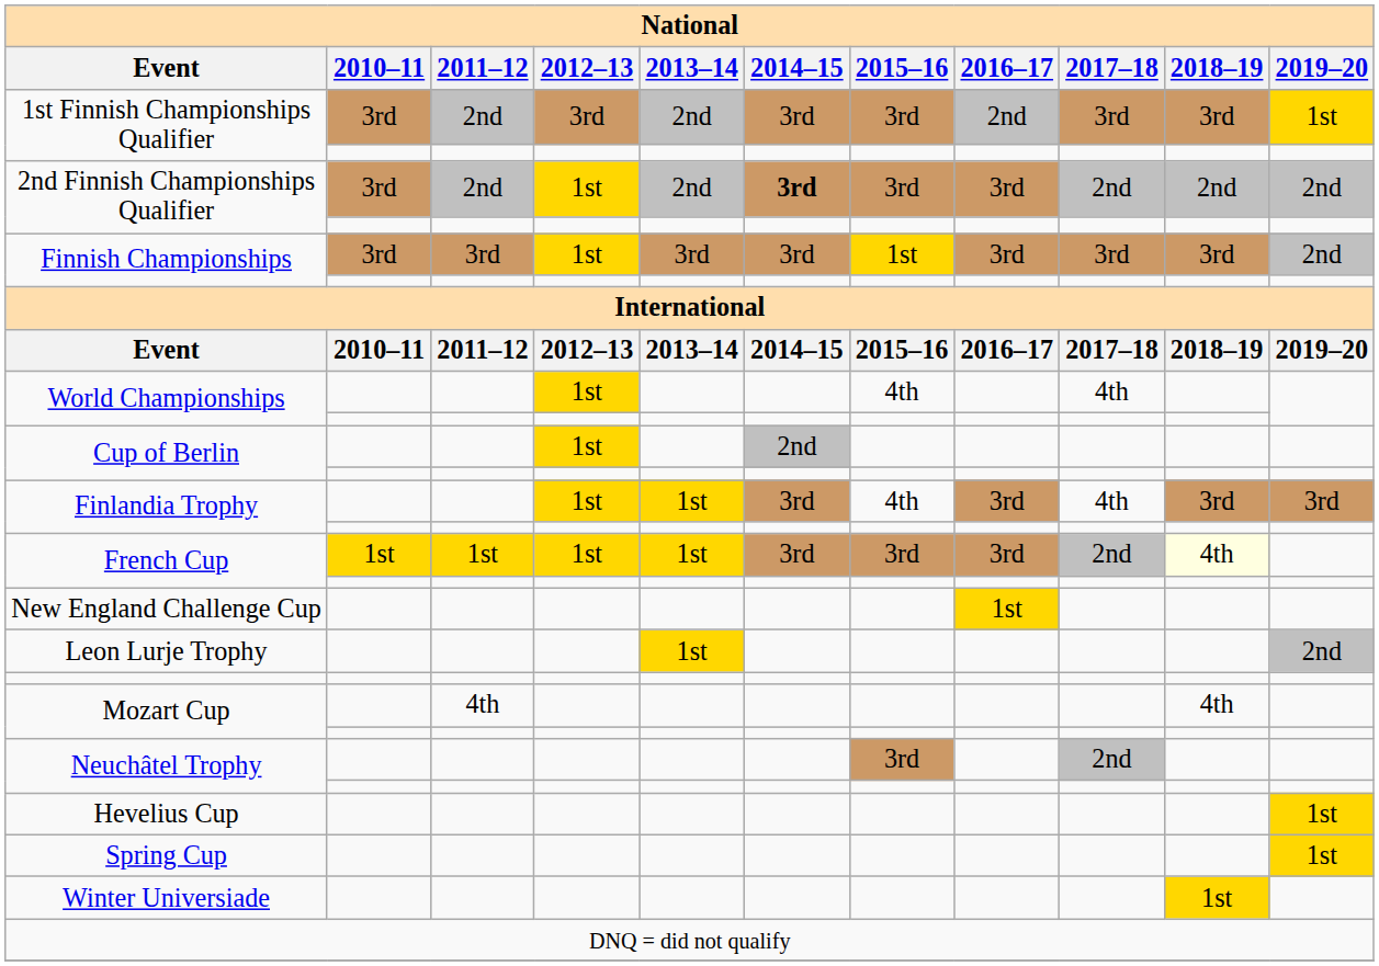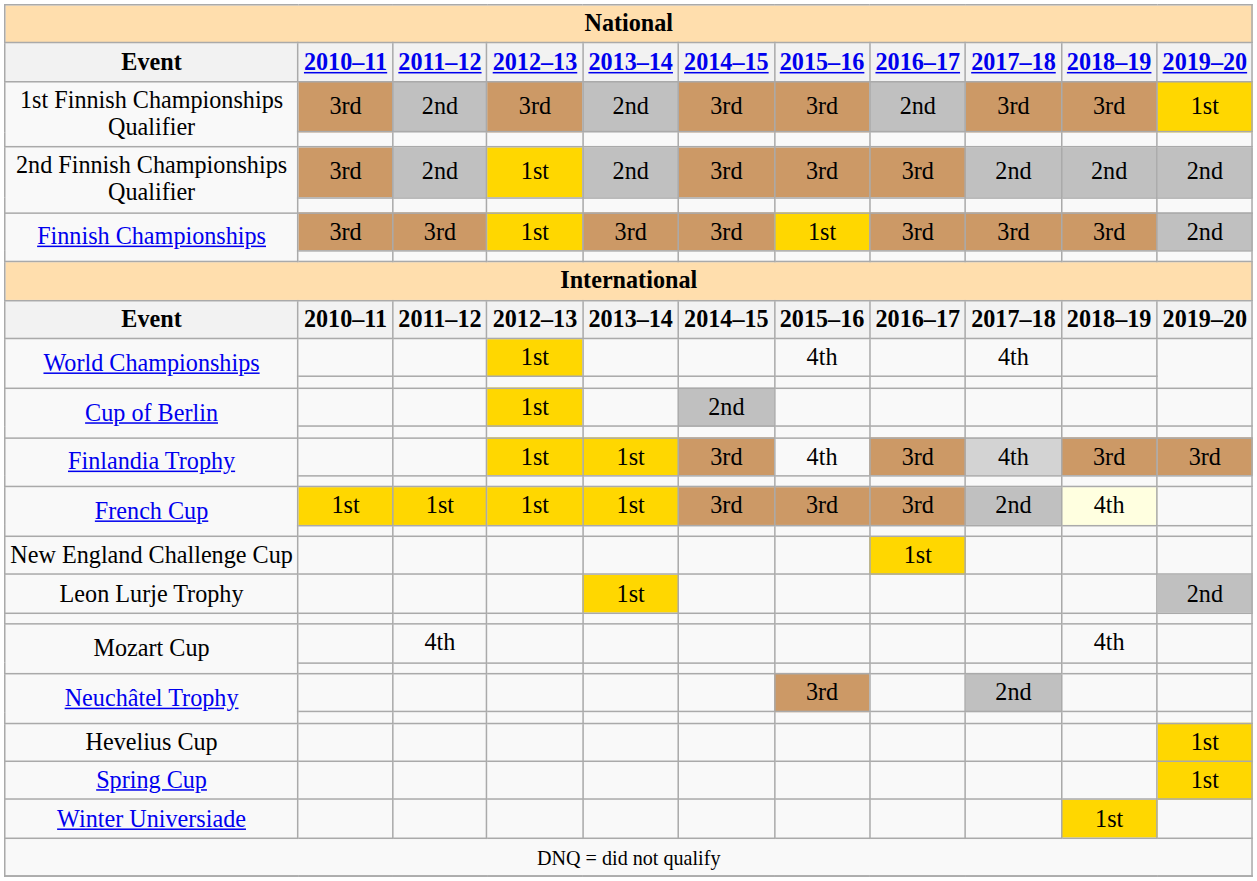 <table class="wikitable">
 <tr>
 <td colspan="11" style="background-color: #ffdead; " align="center"><strong>National</strong></td>
 </tr>
 <tr>
 <th>Event</th>
 <th><a href='#'>2010–11</a></th>
 <th><a href='#'>2011–12</a></th>
 <th><a href='#'>2012–13</a></th>
 <th><a href='#'>2013–14</a></th>
 <th><a href='#'>2014–15</a></th>
 <th><a href='#'>2015–16</a></th>
 <th><a href='#'>2016–17</a></th>
 <th><a href='#'>2017–18</a></th>
 <th><a href='#'>2018–19</a></th>
 <th><a href='#'>2019–20</a></th>
 </tr>
 <tr>
 <td rowspan="2" align="center">1st Finnish Championships<br>Qualifier</td>
 <td align="center" bgcolor="#cc9966" 2010-11>3rd</td>
 <td align="center" bgcolor="silver" 2011-12>2nd</td>
 <td align="center" bgcolor="#cc9966" 2012-13>3rd</td>
 <td align="center" bgcolor="silver" 2013-14>2nd</td>
 <td align="center" bgcolor="#cc9966" 2014-15>3rd</td>
 <td align="center" bgcolor="#cc9966" 2015-16>3rd</td>
 <td align="center" bgcolor="silver" 2016-17>2nd</td>
 <td align="center" bgcolor="#cc9966" 2017-18>3rd</td>
 <td align="center" bgcolor="#cc9966" 2018-19>3rd</td>
 <td align="center" bgcolor="gold" 2019-20>1st</td>
 </tr>
 <tr>
 <td align="center" 2010-11></td>
 <td align="center" 2011-12></td>
 <td align="center" 2012-13></td>
 <td align="center" 2013-14></td>
 <td align="center" 2014-15></td>
 <td align="center" 2015-16></td>
 <td align="center" 2016-17></td>
 <td align="center" 2017-18></td>
 <td align="center" 2018-19></td>
 <td align="center" 2019-20></td>
 </tr>
 <tr>
 <td rowspan="2" align="center">2nd Finnish Championships<br>Qualifier</td>
 <td align="center" bgcolor="#cc9966" 2010-11>3rd</td>
 <td align="center" bgcolor="silver" 2011-12>2nd</td>
 <td align="center" bgcolor="gold" 2012-13>1st</td>
 <td align="center" bgcolor="silver" 2013-14>2nd</td>
-<td align="center" bgcolor="#cc9966" 2014-15><strong>3rd</strong></td>
+<td align="center" bgcolor="#cc9966" 2014-15>3rd</td>
 <td align="center" bgcolor="#cc9966" 2015-16>3rd</td>
 <td align="center" bgcolor="#cc9966" 2016-17>3rd</td>
 <td align="center" bgcolor="silver" 2017-18>2nd</td>
 <td align="center" bgcolor="silver" 2018-19>2nd</td>
 <td align="center" bgcolor="silver" 2015-16>2nd</td>
 </tr>
 <tr>
 <td align="center" 2010-11></td>
 <td align="center" 2011-12></td>
 <td align="center" 2012-13></td>
 <td align="center" 2013-14></td>
 <td align="center" 2014-15></td>
 <td align="center" 2015-16></td>
 <td align="center" 2016-17></td>
 <td align="center" 2017-18></td>
 <td align="center" 2018-19></td>
 <td align="center" 2019-20></td>
 </tr>
 <tr>
 <td rowspan="2" align="center"><a href='#'>Finnish Championships</a></td>
 <td align="center" bgcolor="#cc9966" 2010-11>3rd</td>
 <td align="center" bgcolor="#cc9966" 2011-12>3rd</td>
 <td align="center" bgcolor="gold" 2012-13>1st</td>
 <td align="center" bgcolor="#cc9966" 2013-14>3rd</td>
 <td align="center" bgcolor="#cc9966" 2014-15>3rd</td>
 <td align="center" bgcolor="gold" 2015-16>1st</td>
 <td align="center" bgcolor="#cc9966" 2016-17>3rd</td>
 <td align="center" bgcolor="#cc9966" 2017-18>3rd</td>
 <td align="center" bgcolor="#cc9966" 2018-19>3rd</td>
 <td align="center" bgcolor="silver" 2019-20>2nd</td>
 </tr>
 <tr>
 <td align="center" 2010-11></td>
 <td align="center" 2011-12></td>
 <td align="center" 2012-13></td>
 <td align="center" 2013-14></td>
 <td align="center" 2014-15></td>
 <td align="center" 2015-16></td>
 <td align="center" 2016-17></td>
 <td align="center" 2018-19></td>
 <td align="center" 2019-20></td>
 </tr>
 <tr>
 <td colspan="11" style="background-color: #ffdead; " align="center"><strong>International</strong></td>
 </tr>
 <tr>
 <th>Event</th>
 <th>2010–11</th>
 <th>2011–12</th>
 <th>2012–13</th>
 <th>2013–14</th>
 <th>2014–15</th>
 <th>2015–16</th>
 <th>2016–17</th>
 <th>2017–18</th>
 <th>2018–19</th>
 <th>2019–20</th>
 </tr>
 <tr>
 <td rowspan="2" align="center"><a href='#'>World Championships</a></td>
 <td align="center" 2010-11></td>
 <td align="center" 2011-12></td>
 <td align="center" bgcolor="gold" 2012-13>1st</td>
 <td align="center" 2013-14></td>
 <td align="center" 2014-15></td>
 <td align="center" 2015-16>4th</td>
 <td align="center" 2016-17></td>
 <td align="center" 2017-18>4th</td>
 <td align="center" 2018-19></td>
 <td align="center" 2019-20 rowspan="2"></td>
 </tr>
 <tr>
 <td align="center" 2010-11></td>
 <td align="center" 2011-12></td>
 <td align="center" 2012-13></td>
 <td align="center" 2013-14></td>
 <td align="center" 2014-15></td>
 <td align="center" 2015-16></td>
 <td align="center" 2016-17></td>
 <td align="center" 2017-18></td>
 <td align="center" 2018-19></td>
 </tr>
 <tr>
 <td rowspan="2" align="center"><a href='#'>Cup of Berlin</a></td>
 <td align="center" 2010-11></td>
 <td align="center" 2011-12></td>
 <td align="center" bgcolor="gold" 2012-13>1st</td>
 <td align="center" 2013-14></td>
 <td align="center" bgcolor="silver" 2014-15>2nd</td>
 <td align="center" 2015-16></td>
 <td align="center" 2016-17></td>
 <td align="center" 2017-18></td>
 <td align="center" 2018-19></td>
 <td align="center" 2019-20></td>
 </tr>
 <tr>
 <td align="center" 2010-11></td>
 <td align="center" 2011-12></td>
 <td align="center" 2012-13></td>
 <td align="center" 2013-14></td>
 <td align="center" 2014-15></td>
 <td align="center" 2015-16></td>
 <td align="center" 2016-17></td>
 <td align="center" 2017-18></td>
 <td align="center" 2018-19></td>
 <td align="center" 2019-20></td>
 </tr>
 <tr>
 <td rowspan="2" align="center"><a href='#'>Finlandia Trophy</a></td>
 <td align="center" 2010-11></td>
 <td align="center" 2011-12></td>
 <td align="center" bgcolor="gold" 2012-13>1st</td>
 <td align="center" bgcolor="gold" 2013-14>1st</td>
 <td align="center" bgcolor="#cc9966" 2014-15>3rd</td>
 <td align="center" 2015-16>4th</td>
 <td align="center" bgcolor="#cc9966" 2016-17>3rd</td>
-<td align="center" 2017-18>4th</td>
+<td align="center" 2017-18 style="background: lightgrey;">4th</td>
 <td align="center" bgcolor="#cc9966" 2018-19>3rd</td>
 <td align="center" bgcolor="#cc9966" 2019-20>3rd</td>
 </tr>
 <tr>
 <td align="center" 2010-11></td>
 <td align="center" 2011-12></td>
 <td align="center" 2012-13></td>
 <td align="center" 2013-14></td>
 <td align="center" 2014-15></td>
 <td align="center" 2015-16></td>
 <td align="center" 2016-17></td>
 <td align="center" 2017-18></td>
 <td align="center" 2018-19></td>
 <td align="center" 2019-20></td>
 </tr>
 <tr>
 <td rowspan="2" align="center"><a href='#'>French Cup</a></td>
 <td align="center" bgcolor="gold" 2010-11>1st</td>
 <td align="center" bgcolor="gold" 2011-12>1st</td>
 <td align="center" bgcolor="gold" 2012-13>1st</td>
 <td align="center" bgcolor="gold" 2013-14>1st</td>
 <td align="center" bgcolor="#cc9966" 2014-15>3rd</td>
 <td align="center" bgcolor="#cc9966" 2015-16>3rd</td>
 <td align="center" bgcolor="#cc9966" 2016-17>3rd</td>
 <td align="center" bgcolor="silver" 2017-18>2nd</td>
 <td align="center" 2018-19 style="background: lightyellow;">4th</td>
 <td align="center" 2019-20></td>
 </tr>
 <tr>
 <td align="center" 2010-11></td>
 <td align="center" 2011-12></td>
 <td align="center" 2012-13></td>
 <td align="center" 2013-14></td>
 <td align="center" 2014-15></td>
 <td align="center" 2015-16></td>
 <td align="center" 2016-17></td>
 <td align="center" 2017-18></td>
 <td align="center" 2018-19></td>
 <td align="center" 2019-20></td>
 </tr>
 <tr>
 <td rowspan="1" align="center">New England Challenge Cup</td>
 <td align="center" 2010-11></td>
 <td align="center" 2011-12></td>
 <td align="center" 2012-13></td>
 <td align="center" 2013-14></td>
 <td align="center" 2014-15></td>
 <td align="center" 2015-16></td>
 <td align="center" bgcolor="gold" 2016-17>1st</td>
 <td align="center" 2017-18></td>
 <td align="center" 2018-19></td>
 <td align="center" 2019-20></td>
 </tr>
 <tr>
 <td rowspan="1" align="center">Leon Lurje Trophy</td>
 <td align="center" 2010-11></td>
 <td align="center" 2011-12></td>
 <td align="center" 2012-13></td>
 <td align="center" bgcolor="gold" 2013-14>1st</td>
 <td align="center" 2014-15></td>
 <td align="center" 2015-16></td>
 <td align="center" 2016-17></td>
 <td align="center" 2017-18></td>
 <td align="center" 2018-19></td>
 <td align="center" bgcolor="silver" 2019-20>2nd</td>
 </tr>
 <tr>
 <td></td>
 <td align="center" 2010-11></td>
 <td align="center" 2011-12></td>
 <td align="center" 2012-13></td>
 <td align="center" 2013-14></td>
 <td align="center" 2014-15></td>
 <td align="center" 2015-16></td>
 <td align="center" 2016-17></td>
 <td align="center" 2017-18></td>
 <td align="center" 2018-19></td>
 <td align="center" 2019-20></td>
 </tr>
 <tr>
 <td rowspan="2" align="center">Mozart Cup</td>
 <td align="center" 2010-11></td>
 <td align="center" 2011-12>4th</td>
 <td align="center" 2012-13></td>
 <td align="center" 2013-14></td>
 <td align="center" 2014-15></td>
 <td align="center" 2015-16></td>
 <td align="center" 2016-17></td>
 <td align="center" 2017-18></td>
 <td align="center" 2018-19>4th</td>
 <td align="center" 2019-20></td>
 </tr>
 <tr>
 <td align="center" 2010-11></td>
 <td align="center" 2011-12></td>
 <td align="center" 2012-13></td>
 <td align="center" 2013-14></td>
 <td align="center" 2014-15></td>
 <td align="center" 2015-16></td>
 <td align="center" 2016-17></td>
 <td align="center" 2017-18></td>
 <td align="center" 2018-19></td>
 <td align="center" 2019-20></td>
 </tr>
 <tr>
 <td rowspan="2" align="center"><a href='#'>Neuchâtel Trophy</a></td>
 <td align="center" 2010-11></td>
 <td align="center" 2011-12></td>
 <td align="center" 2012-13></td>
 <td align="center" 2013-14></td>
 <td align="center" 2014-15></td>
 <td align="center" bgcolor="#cc9966" 2015-16>3rd</td>
 <td align="center" 2016-17></td>
 <td align="center" bgcolor="silver" 2017-18>2nd</td>
 <td align="center" 2018-19></td>
 <td align="center" 2019-20></td>
 </tr>
 <tr>
 <td align="center" 2010-11></td>
 <td align="center" 2011-12></td>
 <td align="center" 2012-13></td>
 <td align="center" 2013-14></td>
 <td align="center" 2014-15></td>
 <td align="center" 2015-16></td>
 <td align="center" 2016-17></td>
 <td align="center" 2017-18></td>
 <td align="center" 2018-19></td>
 <td align="center" 2019-20></td>
 </tr>
 <tr>
 <td rowspan="1" align="center">Hevelius Cup</td>
 <td align="center" 2010-11></td>
 <td align="center" 2011-12></td>
 <td align="center" 2012-13></td>
 <td align="center" 2013-14></td>
 <td align="center" 2014-15></td>
 <td align="center" 2015-16></td>
 <td align="center" 2016-17></td>
 <td align="center" 2017-18></td>
 <td align="center" 2018-19></td>
 <td align="center" bgcolor="gold" 2019-20>1st</td>
 </tr>
 <tr>
 <td rowspan="1" align="center"><a href='#'>Spring Cup</a></td>
 <td align="center" 2010-11></td>
 <td align="center" 2011-12></td>
 <td align="center" 2012-13></td>
 <td align="center" 2013-14></td>
 <td align="center" 2014-15></td>
 <td align="center" 2015-16></td>
 <td align="center" 2016-17></td>
 <td align="center" 2017-18></td>
 <td align="center" 2018-19></td>
 <td align="center" bgcolor="gold" 2019-20>1st</td>
 </tr>
 <tr>
 <td rowspan="1" align="center"><a href='#'>Winter Universiade</a></td>
 <td align="center" 2010-11></td>
 <td align="center" 2011-12></td>
 <td align="center" 2012-13></td>
 <td align="center" 2013-14></td>
 <td align="center" 2014-15></td>
 <td align="center" 2015-16></td>
 <td align="center" 2016-17></td>
 <td align="center" 2017-18></td>
 <td align="center" bgcolor="gold" 2018-19>1st</td>
 <td align="center" 2019-20></td>
 </tr>
 <tr>
 <td colspan="13" align="center"><small>DNQ = did not qualify</small></td>
 </tr>
 <tr>
 </tr>
 </table>
